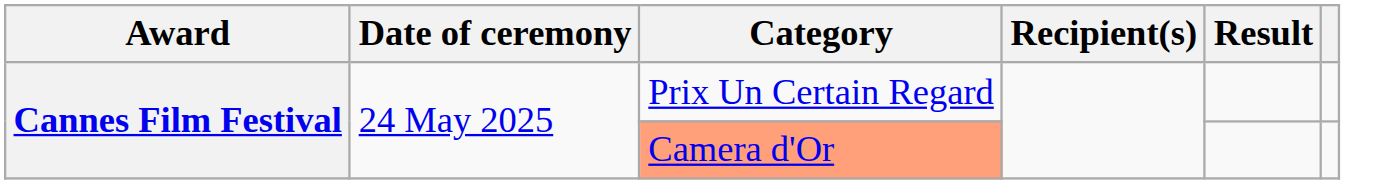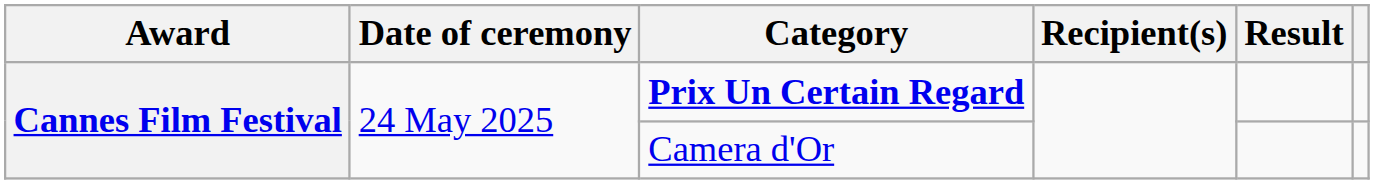 <table class="wikitable sortable plainrowheaders">
 <tr>
 <th scope="col">Award</th>
 <th scope="col">Date of ceremony</th>
 <th scope="col">Category</th>
 <th scope="col">Recipient(s)</th>
 <th scope="col">Result</th>
 <th scope="col" class="unsortable"></th>
 </tr>
 <tr>
 <th rowspan="2" scope="row"><a href='#'>Cannes Film Festival</a></th>
 <td rowspan="2"><a href='#'>24 May 2025</a></td>
-<td><a href='#'>Prix Un Certain Regard</a></td>
+<td><strong><a href='#'>Prix Un Certain Regard</a></strong></td>
 <td rowspan="2"></td>
 <td></td>
 <td align="center"></td>
 </tr>
 <tr>
-<td style="background: lightsalmon;"><a href='#'>Camera d'Or</a></td>
+<td><a href='#'>Camera d'Or</a></td>
 <td></td>
 <td align="center"></td>
 </tr>
 </table>
